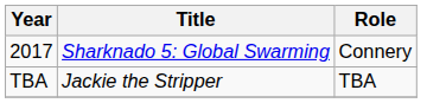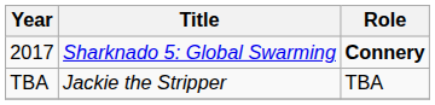 <table class="wikitable">
 <tr>
 <th>Year</th>
 <th>Title</th>
 <th>Role</th>
 </tr>
 <tr>
 <td>2017</td>
 <td><em><a href='#'>Sharknado 5: Global Swarming</a></em></td>
-<td>Connery</td>
+<td><strong>Connery</strong></td>
 </tr>
 <tr>
 <td>TBA</td>
 <td><em>Jackie the Stripper</em></td>
 <td>TBA</td>
 </tr>
 <tr>
 </tr>
 </table>
